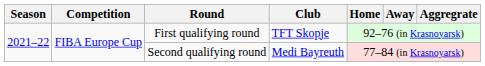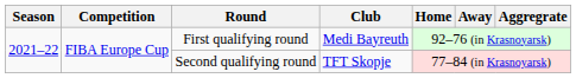 <table class="wikitable" style="text-align:center;">
 <tr>
 <th>Season</th>
 <th>Competition</th>
 <th>Round</th>
 <th>Club</th>
 <th>Home</th>
 <th>Away</th>
 <th>Aggregrate</th>
 </tr>
 <tr>
 <td rowspan=2><a href='#'>2021–22</a></td>
 <td rowspan=2><a href='#'>FIBA Europe Cup</a></td>
 <td>First qualifying round</td>
-<td align="left"> <a href='#'>TFT Skopje</a></td>
+<td align="left"> <a href='#'>Medi Bayreuth</a></td>
 <td colspan=3 bgcolor="#dfd">92–76 <small>(in <a href='#'>Krasnoyarsk</a>)</small></td>
 </tr>
 <tr>
 <td>Second qualifying round</td>
-<td align="left"> <a href='#'>Medi Bayreuth</a></td>
+<td align="left"> <a href='#'>TFT Skopje</a></td>
 <td colspan=3 bgcolor="#fdd">77–84 <small>(in <a href='#'>Krasnoyarsk</a>)</small></td>
 </tr>
 </table>
